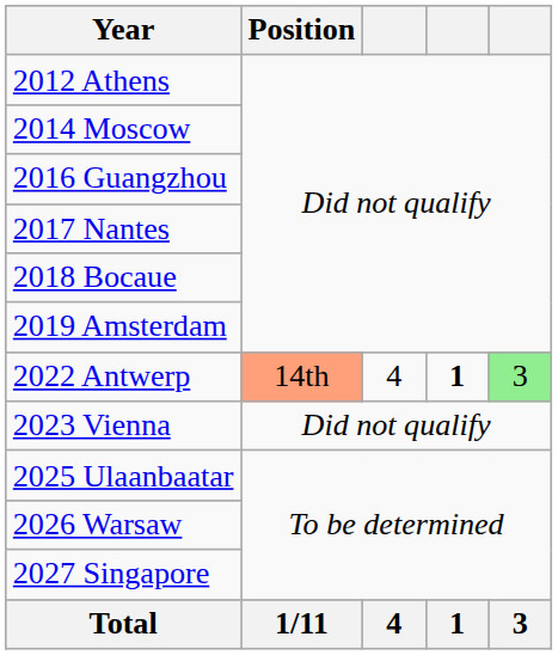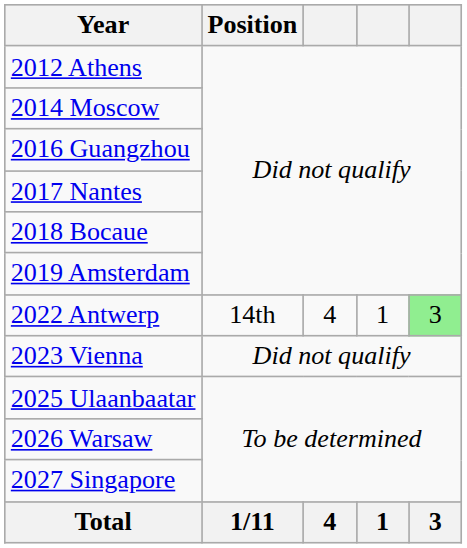 <table class="wikitable" style="text-align: center;">
 <tr>
 <th>Year</th>
 <th>Position</th>
 <th width=25px></th>
 <th width=25px></th>
 <th width=25px></th>
 </tr>
 <tr>
 <td style="text-align:left;"> <a href='#'>2012 Athens</a></td>
 <td colspan=4 rowspan=6><em>Did not qualify</em></td>
 </tr>
 <tr>
 <td style="text-align:left;"> <a href='#'>2014 Moscow</a></td>
 </tr>
 <tr>
 <td style="text-align:left;"> <a href='#'>2016 Guangzhou</a></td>
 </tr>
 <tr>
 <td style="text-align:left;"> <a href='#'>2017 Nantes</a></td>
 </tr>
 <tr>
 <td style="text-align:left;"> <a href='#'>2018 Bocaue</a></td>
 </tr>
 <tr>
 <td style="text-align:left;"> <a href='#'>2019 Amsterdam</a></td>
 </tr>
 <tr>
 <td style="text-align:left;"> <a href='#'>2022 Antwerp</a></td>
-<td style="background: lightsalmon;">14th</td>
+<td>14th</td>
 <td>4</td>
-<td><strong>1</strong></td>
+<td>1</td>
 <td style="background: lightgreen;">3</td>
 </tr>
 <tr>
 <td style="text-align:left;"> <a href='#'>2023 Vienna</a></td>
 <td colspan=4><em>Did not qualify</em></td>
 </tr>
 <tr>
 <td style="text-align:left;"> <a href='#'>2025 Ulaanbaatar</a></td>
 <td colspan=4 rowspan=3><em>To be determined</em></td>
 </tr>
 <tr>
 <td style="text-align:left;"> <a href='#'>2026 Warsaw</a></td>
 </tr>
 <tr>
 <td style="text-align:left;"> <a href='#'>2027 Singapore</a></td>
 </tr>
 <tr>
 <th>Total</th>
 <th>1/11</th>
 <th>4</th>
 <th>1</th>
 <th>3</th>
 </tr>
 </table>
